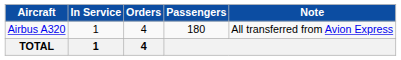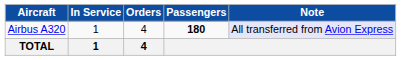 <table class="wikitable" style="margin: 1em auto;text-align:center;">
 <tr>
 <th style="background:#0c4da2; color:white;">Aircraft</th>
 <th style="background:#0c4da2; color:white;">In Service</th>
 <th style="background:#0c4da2; color:white;">Orders</th>
 <th style="background:#0c4da2; color:white;">Passengers</th>
 <th style="background:#0c4da2; color:white;">Note</th>
 </tr>
 <tr>
 <td><a href='#'>Airbus A320</a></td>
 <td>1</td>
 <td>4</td>
-<td>180</td>
-<td>All transferred from <a href='#'>Avion Express</a></td>
+<td><strong>180</strong></td>
+<td style="background: lavender;">All transferred from <a href='#'>Avion Express</a></td>
 </tr>
 <tr>
 <th>TOTAL</th>
 <th>1</th>
 <th>4</th>
 <th colspan="3"></th>
 </tr>
 </table>
